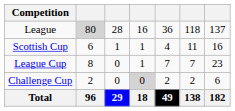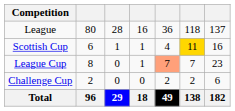 <table class="wikitable" style="text-align:center">
 <tr>
 <th width=100>Competition</th>
 <th width=35></th>
 <th width=30></th>
 <th width=30></th>
 <th width=30></th>
 <th width=30></th>
 <th width=30></th>
 </tr>
 <tr>
 <td>League</td>
-<td style="background: lightgrey;">80</td>
+<td>80</td>
 <td>28</td>
 <td>16</td>
 <td>36</td>
 <td>118</td>
 <td>137</td>
 </tr>
 <tr>
 <td><a href='#'>Scottish Cup</a></td>
 <td>6</td>
 <td>1</td>
 <td>1</td>
 <td>4</td>
-<td>11</td>
+<td style="background: gold;">11</td>
 <td>16</td>
 </tr>
 <tr>
 <td><a href='#'>League Cup</a></td>
 <td>8</td>
 <td>0</td>
 <td>1</td>
-<td>7</td>
+<td style="background: lightsalmon;">7</td>
 <td>7</td>
 <td>23</td>
 </tr>
 <tr>
 <td><a href='#'>Challenge Cup</a></td>
 <td>2</td>
 <td>0</td>
-<td style="background: lightgrey;">0</td>
+<td>0</td>
 <td>2</td>
 <td>2</td>
 <td>6</td>
 </tr>
 <tr>
 <th>Total</th>
 <th>96</th>
 <th style="text-align:center; color:white; background:blue;">29</th>
 <th>18</th>
 <th style="text-align:center; color:white; background:black;">49</th>
 <th>138</th>
 <th>182</th>
 </tr>
 </table>
